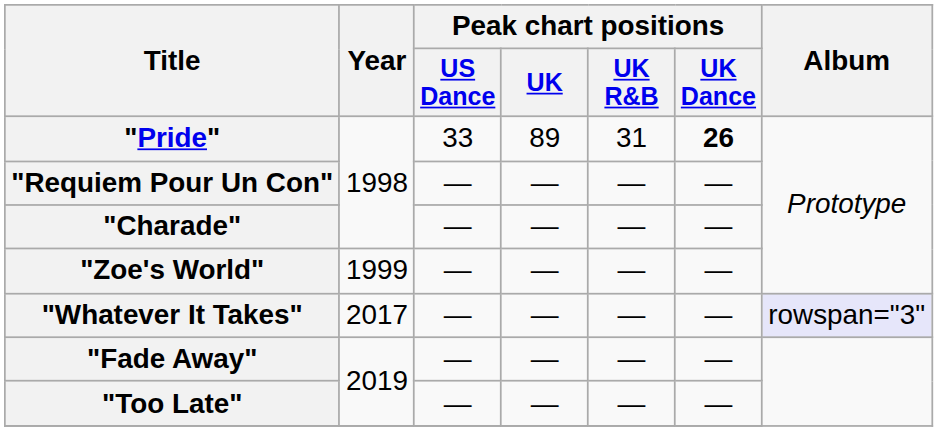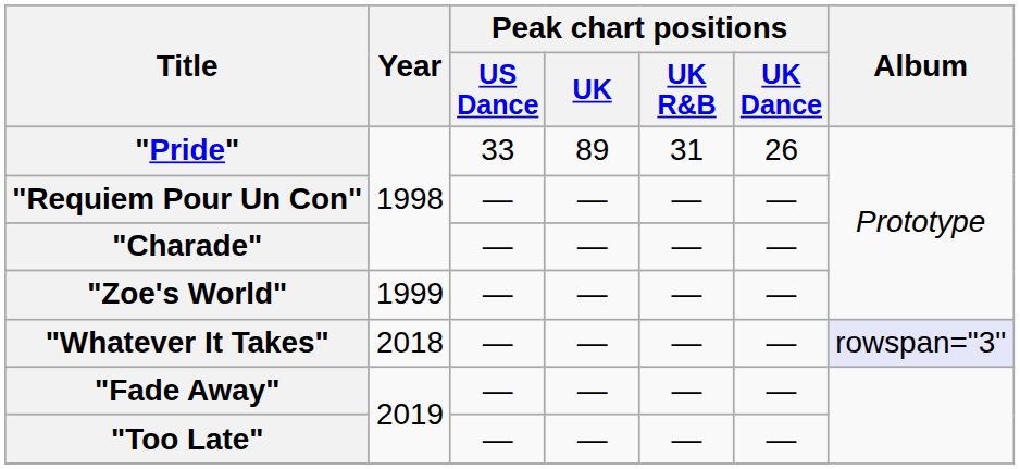 <table class="wikitable plainrowheaders" style="text-align:center;">
 <tr>
 <th scope="col" rowspan="2">Title</th>
 <th scope="col" rowspan="2">Year</th>
 <th scope="col" colspan="4">Peak chart positions</th>
 <th scope="col" rowspan="2">Album</th>
 </tr>
 <tr>
 <th scope="col" style="width:3em;font-size:90%;"><a href='#'>US<br>Dance</a><br></th>
 <th scope="col" style="width:3em;font-size:90%;"><a href='#'>UK</a><br></th>
 <th scope="col" style="width:3em;font-size:90%;"><a href='#'>UK<br>R&B</a><br></th>
 <th scope="col" style="width:3em;font-size:90%;"><a href='#'>UK<br>Dance</a><br></th>
 </tr>
 <tr>
 <th scope="row">"<a href='#'>Pride</a>"</th>
 <td align="left" rowspan="3">1998</td>
 <td>33</td>
 <td>89</td>
 <td>31</td>
-<td><strong>26</strong></td>
+<td>26</td>
 <td rowspan="4"><em>Prototype</em></td>
 </tr>
 <tr>
 <th scope="row">"Requiem Pour Un Con"</th>
 <td>—</td>
 <td>—</td>
 <td>—</td>
 <td>—</td>
 </tr>
 <tr>
 <th scope="row">"Charade"</th>
 <td>—</td>
 <td>—</td>
 <td>—</td>
 <td>—</td>
 </tr>
 <tr>
 <th scope="row">"Zoe's World"</th>
 <td align="left">1999</td>
 <td>—</td>
 <td>—</td>
 <td>—</td>
 <td>—</td>
 </tr>
 <tr>
 <th scope="row">"Whatever It Takes"</th>
-<td align="left">2017</td>
+<td align="left">2018</td>
 <td>—</td>
 <td>—</td>
 <td>—</td>
 <td>—</td>
 <td style="background: lavender;">rowspan="3" </td>
 </tr>
 <tr>
 <th scope="row">"Fade Away"</th>
 <td align="left" rowspan="2">2019</td>
 <td>—</td>
 <td>—</td>
 <td>—</td>
 <td>—</td>
 </tr>
 <tr>
 <th scope="row">"Too Late"</th>
 <td>—</td>
 <td>—</td>
 <td>—</td>
 <td>—</td>
 </tr>
 <tr>
 </tr>
 </table>
